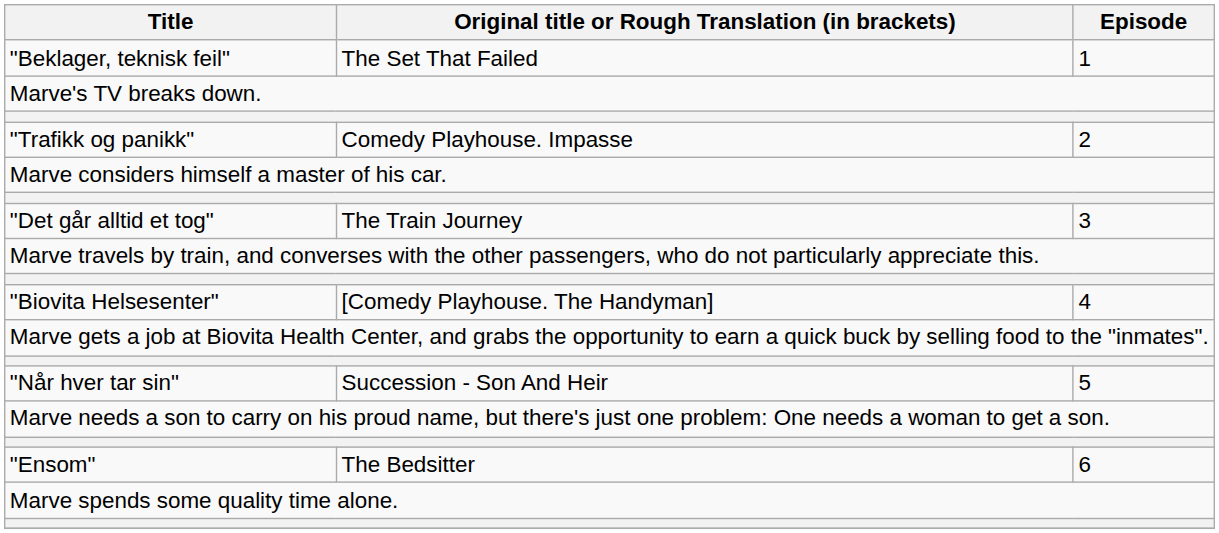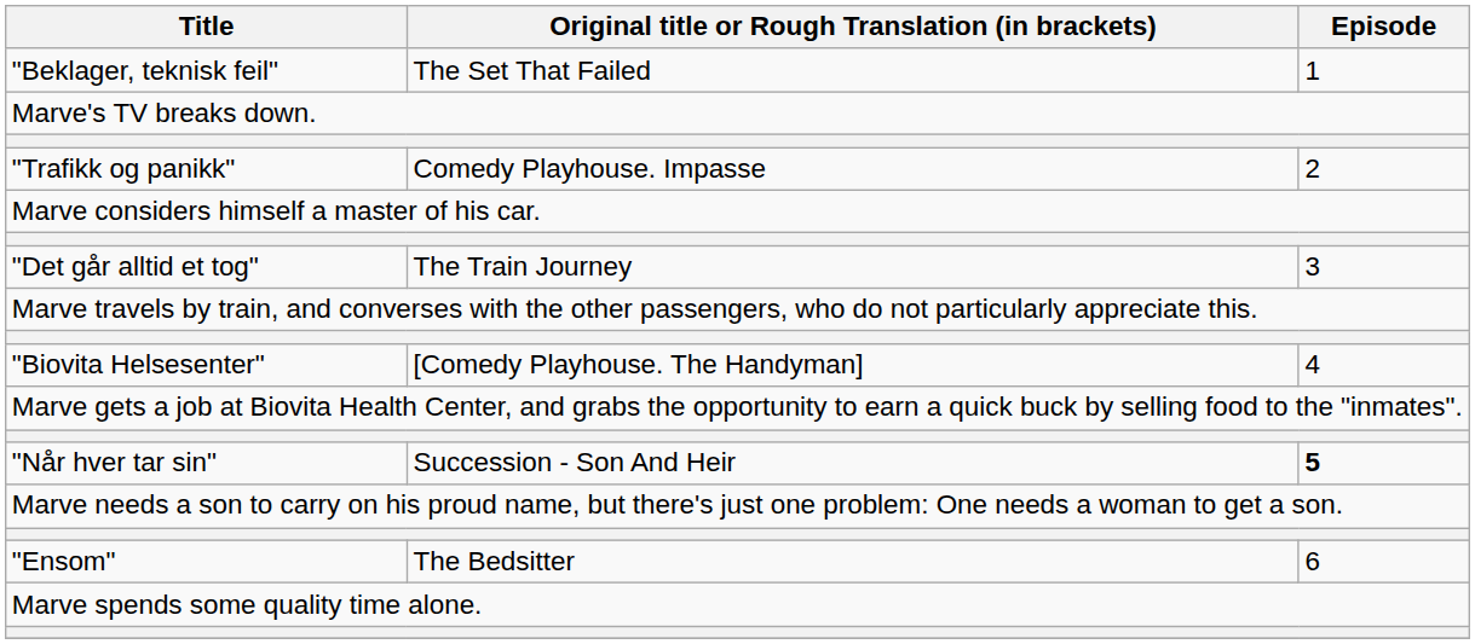 <table class="wikitable">
 <tr>
 <th>Title</th>
 <th>Original title or Rough Translation (in brackets)</th>
 <th>Episode</th>
 </tr>
 <tr>
 <td>"Beklager, teknisk feil"</td>
 <td>The Set That Failed</td>
 <td>1</td>
 </tr>
 <tr>
 <td colspan="6">Marve's TV breaks down.</td>
 </tr>
 <tr>
 <td colspan="6" bgcolor="#f2f2f2"></td>
 </tr>
 <tr>
 <td>"Trafikk og panikk"</td>
 <td>Comedy Playhouse. Impasse</td>
 <td>2</td>
 </tr>
 <tr>
 <td colspan="6">Marve considers himself a master of his car.</td>
 </tr>
 <tr>
 <td colspan="6" bgcolor="#f2f2f2"></td>
 </tr>
 <tr>
 <td>"Det går alltid et tog"</td>
 <td>The Train Journey</td>
 <td>3</td>
 </tr>
 <tr>
 <td colspan="6">Marve travels by train, and converses with the other passengers, who do not particularly appreciate this.</td>
 </tr>
 <tr>
 <td colspan="6" bgcolor="#f2f2f2"></td>
 </tr>
 <tr>
 <td>"Biovita Helsesenter"</td>
 <td>[Comedy Playhouse. The Handyman]</td>
 <td>4</td>
 </tr>
 <tr>
 <td colspan="6">Marve gets a job at Biovita Health Center, and grabs the opportunity to earn a quick buck by selling food to the "inmates".</td>
 </tr>
 <tr>
 <td colspan="6" bgcolor="#f2f2f2"></td>
 </tr>
 <tr>
 <td>"Når hver tar sin"</td>
 <td>Succession - Son And Heir</td>
-<td>5</td>
+<td><strong>5</strong></td>
 </tr>
 <tr>
 <td colspan="6">Marve needs a son to carry on his proud name, but there's just one problem: One needs a woman to get a son.</td>
 </tr>
 <tr>
 <td colspan="6" bgcolor="#f2f2f2"></td>
 </tr>
 <tr>
 <td>"Ensom"</td>
 <td>The Bedsitter</td>
 <td>6</td>
 </tr>
 <tr>
 <td colspan="6">Marve spends some quality time alone.</td>
 </tr>
 <tr>
 <td colspan="6" bgcolor="#f2f2f2"></td>
 </tr>
 <tr>
 </tr>
 </table>
